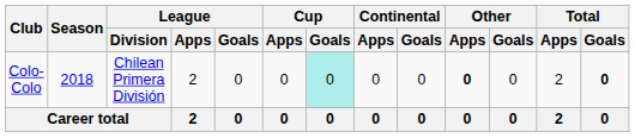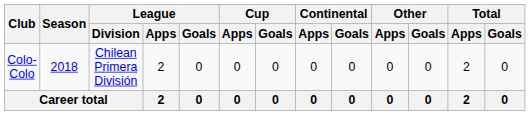 <table class="wikitable" style="text-align: center">
 <tr>
 <th rowspan="2">Club</th>
 <th rowspan="2">Season</th>
 <th colspan="3">League</th>
 <th colspan="2">Cup</th>
 <th colspan="2">Continental</th>
 <th colspan="2">Other</th>
 <th colspan="2">Total</th>
 </tr>
 <tr>
 <th>Division</th>
 <th>Apps</th>
 <th>Goals</th>
 <th>Apps</th>
 <th>Goals</th>
 <th>Apps</th>
 <th>Goals</th>
 <th>Apps</th>
 <th>Goals</th>
 <th>Apps</th>
 <th>Goals</th>
 </tr>
 <tr>
 <td><a href='#'>Colo-Colo</a></td>
 <td><a href='#'>2018</a></td>
 <td><a href='#'>Chilean Primera División</a></td>
 <td>2</td>
 <td>0</td>
 <td>0</td>
-<td style="background: paleturquoise;">0</td>
 <td>0</td>
 <td>0</td>
-<td><strong>0</strong></td>
+<td>0</td>
+<td>0</td>
 <td>0</td>
 <td>2</td>
-<td><strong>0</strong></td>
+<td>0</td>
 </tr>
 <tr>
 <th colspan="3"><strong>Career total</strong></th>
 <th>2</th>
 <th>0</th>
 <th>0</th>
 <th>0</th>
 <th>0</th>
 <th>0</th>
 <th>0</th>
 <th>0</th>
 <th>2</th>
 <th>0</th>
 </tr>
 </table>
